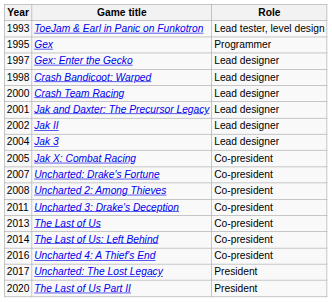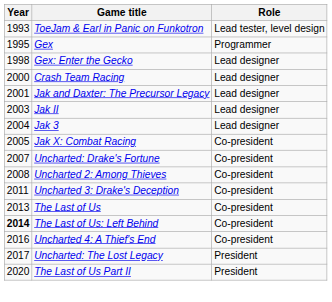 <table class="wikitable sortable" style="border:none; margin:0;">
 <tr valign="bottom">
 <th scope="col">Year</th>
 <th scope="col">Game title</th>
 <th scope="col">Role</th>
 </tr>
 <tr>
 <td>1993</td>
 <td><em><a href='#'>ToeJam & Earl in Panic on Funkotron</a></em></td>
 <td>Lead tester, level design</td>
 </tr>
 <tr>
 <td>1995</td>
 <td><em><a href='#'>Gex</a></em></td>
 <td>Programmer</td>
 </tr>
 <tr>
-<td>1997</td>
+<td>1998</td>
 <td><em><a href='#'>Gex: Enter the Gecko</a></em></td>
-<td>Lead designer</td>
-</tr>
-<tr>
-<td>1998</td>
-<td><em><a href='#'>Crash Bandicoot: Warped</a></em></td>
 <td>Lead designer</td>
 </tr>
 <tr>
 <td>2000</td>
 <td><em><a href='#'>Crash Team Racing</a></em></td>
 <td>Lead designer</td>
 </tr>
 <tr>
 <td>2001</td>
 <td><em><a href='#'>Jak and Daxter: The Precursor Legacy</a></em></td>
 <td>Lead designer</td>
 </tr>
 <tr>
-<td>2002</td>
+<td>2003</td>
 <td><em><a href='#'>Jak II</a></em></td>
 <td>Lead designer</td>
 </tr>
 <tr>
 <td>2004</td>
 <td><em><a href='#'>Jak 3</a></em></td>
 <td>Lead designer</td>
 </tr>
 <tr>
 <td>2005</td>
 <td><em><a href='#'>Jak X: Combat Racing</a></em></td>
 <td>Co-president</td>
 </tr>
 <tr>
 <td>2007</td>
 <td><em><a href='#'>Uncharted: Drake's Fortune</a></em></td>
 <td>Co-president</td>
 </tr>
 <tr>
 <td>2008</td>
 <td><em><a href='#'>Uncharted 2: Among Thieves</a></em></td>
 <td>Co-president</td>
 </tr>
 <tr>
 <td>2011</td>
 <td><em><a href='#'>Uncharted 3: Drake's Deception</a></em></td>
 <td>Co-president</td>
 </tr>
 <tr>
 <td>2013</td>
 <td><em><a href='#'>The Last of Us</a></em></td>
 <td>Co-president</td>
 </tr>
 <tr>
-<td>2014</td>
+<td><strong>2014</strong></td>
 <td><em><a href='#'>The Last of Us: Left Behind</a></em></td>
 <td>Co-president</td>
 </tr>
 <tr>
 <td>2016</td>
 <td><em><a href='#'>Uncharted 4: A Thief's End</a></em></td>
 <td>Co-president</td>
 </tr>
 <tr>
 <td>2017</td>
 <td><em><a href='#'>Uncharted: The Lost Legacy</a></em></td>
 <td>President</td>
 </tr>
 <tr>
 <td>2020</td>
 <td><em><a href='#'>The Last of Us Part II</a></em></td>
 <td>President</td>
 </tr>
 </table>
